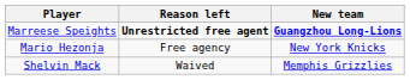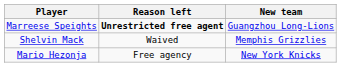 <table class="wikitable sortable sortable" style="text-align: center">
 <tr>
 <th>Player</th>
 <th>Reason left</th>
 <th>New team</th>
 </tr>
 <tr style="text-align: center">
 <td><a href='#'>Marreese Speights</a></td>
 <td><strong>Unrestricted free agent</strong></td>
-<td><strong> <a href='#'>Guangzhou Long-Lions</a></strong></td>
+<td> <a href='#'>Guangzhou Long-Lions</a></td>
+</tr>
+<tr style="text-align: center">
+<td><a href='#'>Shelvin Mack</a></td>
+<td>Waived</td>
+<td><a href='#'>Memphis Grizzlies</a></td>
 </tr>
 <tr>
 <td><a href='#'>Mario Hezonja</a></td>
 <td>Free agency</td>
 <td><a href='#'>New York Knicks</a></td>
 </tr>
-<tr style="text-align: center">
-<td><a href='#'>Shelvin Mack</a></td>
-<td>Waived</td>
-<td><a href='#'>Memphis Grizzlies</a></td>
-</tr>
 </table>
